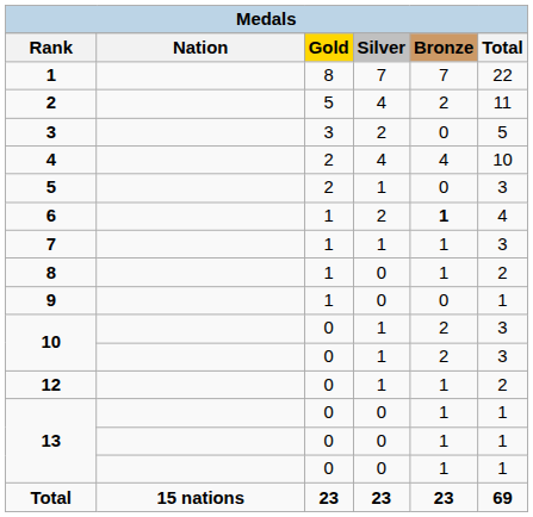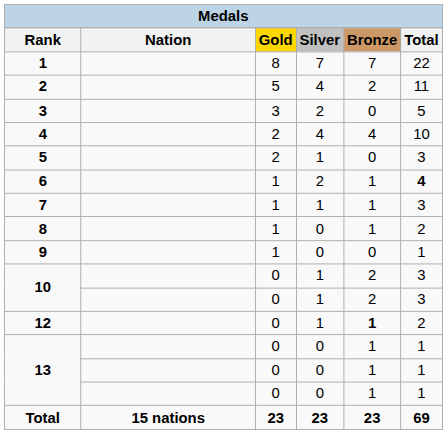 <table class=wikitable style=text-align:center>
 <tr>
 <td colspan=6 style="background:#BCD4E6"><strong>Medals</strong></td>
 </tr>
 <tr>
 </tr>
 <tr style="background-color:#EDEDED;">
 <th width=75px class="hintergrundfarbe5">Rank</th>
 <th width=180px class="hintergrundfarbe6">Nation</th>
 <th width=35px style="background:gold">Gold</th>
 <th width=35px style="background:silver">Silver</th>
 <th width=35px style="background:#CC9966">Bronze</th>
 <th width=35px>Total</th>
 </tr>
 <tr>
 <td><strong>1</strong></td>
 <td align=left></td>
 <td>8</td>
 <td>7</td>
 <td>7</td>
 <td>22</td>
 </tr>
 <tr>
 <td><strong>2</strong></td>
 <td align=left></td>
 <td>5</td>
 <td>4</td>
 <td>2</td>
 <td>11</td>
 </tr>
 <tr>
 <td><strong>3</strong></td>
 <td align=left></td>
 <td>3</td>
 <td>2</td>
 <td>0</td>
 <td>5</td>
 </tr>
 <tr>
 <td><strong>4</strong></td>
 <td align=left></td>
 <td>2</td>
 <td>4</td>
 <td>4</td>
 <td>10</td>
 </tr>
 <tr>
 <td><strong>5</strong></td>
 <td align=left></td>
 <td>2</td>
 <td>1</td>
 <td>0</td>
 <td>3</td>
 </tr>
 <tr>
 <td><strong>6</strong></td>
 <td align=left></td>
 <td>1</td>
 <td>2</td>
-<td><strong>1</strong></td>
-<td>4</td>
+<td>1</td>
+<td><strong>4</strong></td>
 </tr>
 <tr>
 <td><strong>7</strong></td>
 <td align=left></td>
 <td>1</td>
 <td>1</td>
 <td>1</td>
 <td>3</td>
 </tr>
 <tr>
 <td><strong>8</strong></td>
 <td align=left></td>
 <td>1</td>
 <td>0</td>
 <td>1</td>
 <td>2</td>
 </tr>
 <tr>
 <td><strong>9</strong></td>
 <td align=left></td>
 <td>1</td>
 <td>0</td>
 <td>0</td>
 <td>1</td>
 </tr>
 <tr>
 <td rowspan="2"><strong>10</strong></td>
 <td align=left></td>
 <td>0</td>
 <td>1</td>
 <td>2</td>
 <td>3</td>
 </tr>
 <tr>
 <td align="left"></td>
 <td>0</td>
 <td>1</td>
 <td>2</td>
 <td>3</td>
 </tr>
 <tr>
 <td><strong>12</strong></td>
 <td align=left></td>
 <td>0</td>
 <td>1</td>
-<td>1</td>
+<td><strong>1</strong></td>
 <td>2</td>
 </tr>
 <tr>
 <td rowspan="3"><strong>13</strong></td>
 <td align=left></td>
 <td>0</td>
 <td>0</td>
 <td>1</td>
 <td>1</td>
 </tr>
 <tr>
 <td align="left"></td>
 <td>0</td>
 <td>0</td>
 <td>1</td>
 <td>1</td>
 </tr>
 <tr>
 <td align="left"></td>
 <td>0</td>
 <td>0</td>
 <td>1</td>
 <td>1</td>
 </tr>
 <tr>
 <td><strong>Total</strong></td>
 <td><strong>15 nations</strong></td>
 <td><strong>23</strong></td>
 <td><strong>23</strong></td>
 <td><strong>23</strong></td>
 <td><strong>69</strong></td>
 </tr>
 </table>
